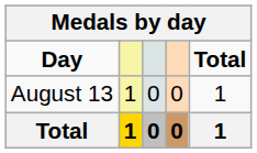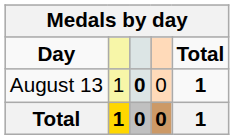 <table class="wikitable" style="font-size:85%; float:right">
 <tr align=center>
 <th colspan=7><strong>Medals by day</strong></th>
 </tr>
 <tr align=center>
 <td><strong>Day</strong></td>
 <td style="background:#f7f6a8;"></td>
 <td style="background:#dce5e5;"></td>
 <td style="background:#ffdab9;"></td>
 <td><strong>Total</strong></td>
 </tr>
 <tr align=center>
 <td>August 13</td>
 <td style="background:#f7f6a8;">1</td>
-<td style="background:#dce5e5;">0</td>
+<td style="background:#dce5e5;"><strong>0</strong></td>
 <td style="background:#ffdab9;">0</td>
-<td>1</td>
+<td><strong>1</strong></td>
 </tr>
 <tr align=center>
 <th><strong>Total</strong></th>
 <th style="background:gold;"><strong>1</strong></th>
 <th style="background:silver;"><strong>0</strong></th>
 <th style="background:#c96;"><strong>0</strong></th>
 <th><strong>1</strong></th>
 </tr>
 </table>
